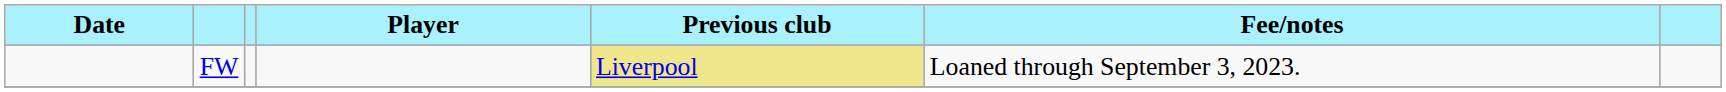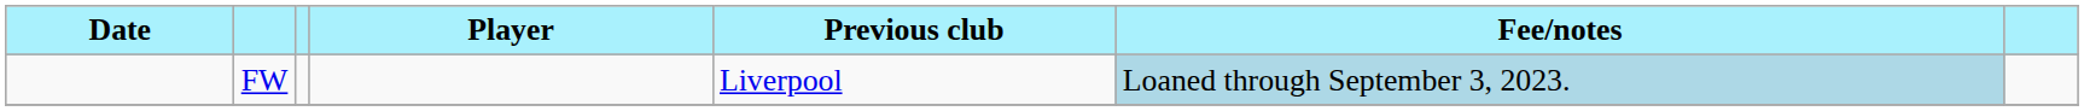 <table class="wikitable sortable">
 <tr>
 <th style="background:#A9F1FD; color:#000; width:110px;" scope="col">Date</th>
 <th style="background:#A9F1FD; color:#000;" scope="col"></th>
 <th style="background:#A9F1FD; color:#000;" scope="col"></th>
 <th style="background:#A9F1FD; color:#000; width:200px;" scope="col">Player</th>
 <th style="background:#A9F1FD; color:#000; width:200px;" scope="col">Previous club</th>
 <th style="background:#A9F1FD; color:#000; width:450px;" scope="col">Fee/notes</th>
 <th style="background:#A9F1FD; color:#000; width:30px;" scope="col"></th>
 </tr>
 <tr>
 <td></td>
 <td><a href='#'>FW</a></td>
 <td></td>
 <td></td>
-<td style="background: khaki;"> <a href='#'>Liverpool</a></td>
-<td>Loaned through September 3, 2023.</td>
+<td> <a href='#'>Liverpool</a></td>
+<td style="background: lightblue;">Loaned through September 3, 2023.</td>
 <td></td>
 </tr>
 <tr>
 </tr>
 </table>
